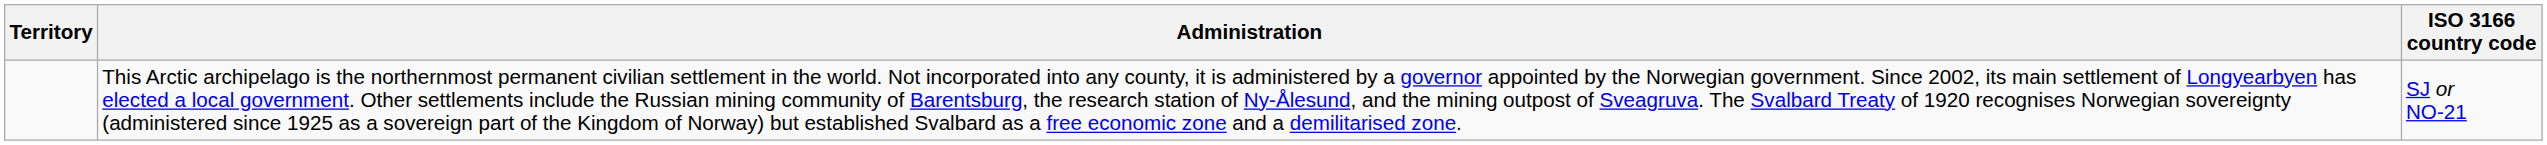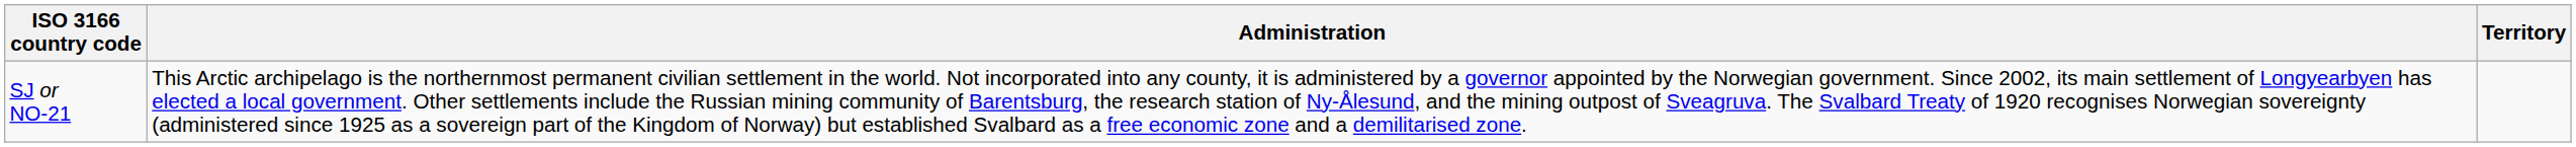 <table class="wikitable sortable">
 <tr>
+<th>ISO 3166 country code</th>
+<th>Administration</th>
 <th>Territory</th>
-<th>Administration</th>
-<th>ISO 3166 country code</th>
 </tr>
 <tr>
+<td><a href='#'>SJ</a> <em>or</em><br><a href='#'>NO-21</a></td>
+<td>This Arctic archipelago is the northernmost permanent civilian settlement in the world. Not incorporated into any county, it is administered by a <a href='#'>governor</a> appointed by the Norwegian government. Since 2002, its main settlement of <a href='#'>Longyearbyen</a> has <a href='#'>elected a local government</a>. Other settlements include the Russian mining community of <a href='#'>Barentsburg</a>, the research station of <a href='#'>Ny-Ålesund</a>, and the mining outpost of <a href='#'>Sveagruva</a>. The <a href='#'>Svalbard Treaty</a> of 1920 recognises Norwegian sovereignty (administered since 1925 as a sovereign part of the Kingdom of Norway) but established Svalbard as a <a href='#'>free economic zone</a> and a <a href='#'>demilitarised zone</a>.</td>
 <td></td>
-<td>This Arctic archipelago is the northernmost permanent civilian settlement in the world. Not incorporated into any county, it is administered by a <a href='#'>governor</a> appointed by the Norwegian government. Since 2002, its main settlement of <a href='#'>Longyearbyen</a> has <a href='#'>elected a local government</a>. Other settlements include the Russian mining community of <a href='#'>Barentsburg</a>, the research station of <a href='#'>Ny-Ålesund</a>, and the mining outpost of <a href='#'>Sveagruva</a>. The <a href='#'>Svalbard Treaty</a> of 1920 recognises Norwegian sovereignty (administered since 1925 as a sovereign part of the Kingdom of Norway) but established Svalbard as a <a href='#'>free economic zone</a> and a <a href='#'>demilitarised zone</a>.</td>
-<td><a href='#'>SJ</a> <em>or</em><br><a href='#'>NO-21</a></td>
 </tr>
 </table>
